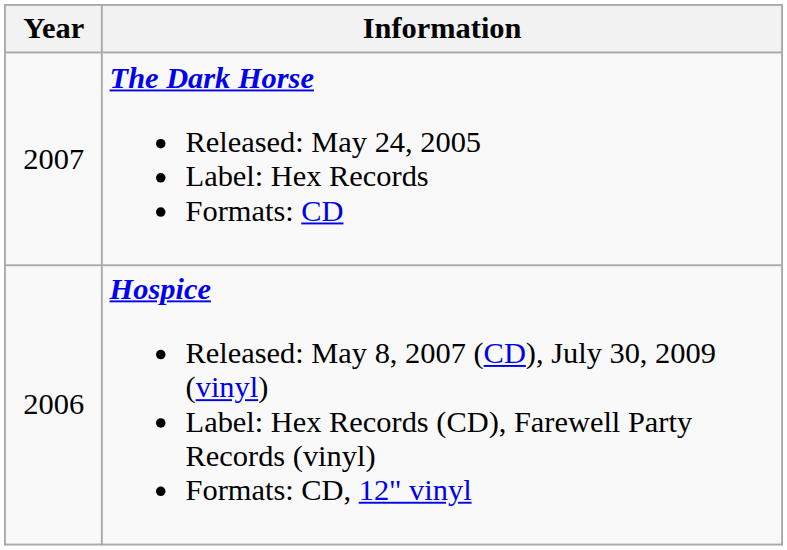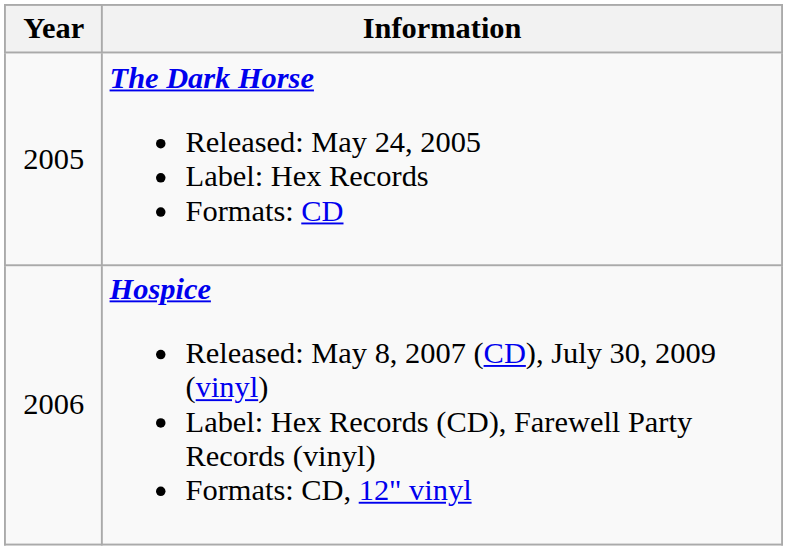 <table class="wikitable">
 <tr>
 <th rowspan="1" width="44">Year</th>
 <th rowspan="1" width="350">Information</th>
 </tr>
 <tr>
-<td align=center width="44">2007</td>
+<td align=center width="44">2005</td>
 <td width="350"><strong><em><a href='#'>The Dark Horse</a></em></strong><br><ul><li>Released: May 24, 2005</li><li>Label: Hex Records</li><li>Formats: <a href='#'>CD</a></li></ul></td>
 </tr>
 <tr>
 <td align=center width="44">2006</td>
 <td width="350"><strong><em><a href='#'>Hospice</a></em></strong><br><ul><li>Released: May 8, 2007 (<a href='#'>CD</a>), July 30, 2009 (<a href='#'>vinyl</a>)</li><li>Label: Hex Records (CD), Farewell Party Records (vinyl)</li><li>Formats: CD, <a href='#'>12" vinyl</a></li></ul></td>
 </tr>
 </table>
